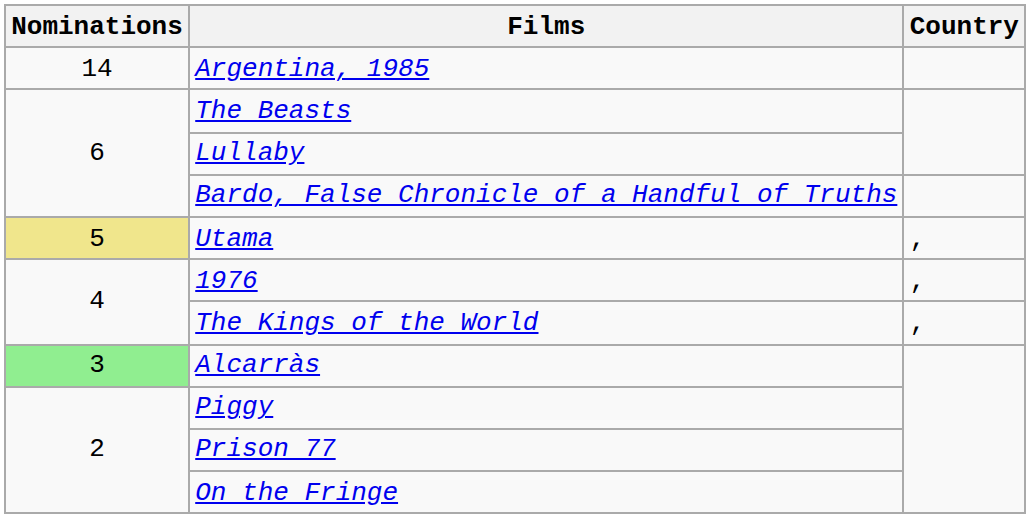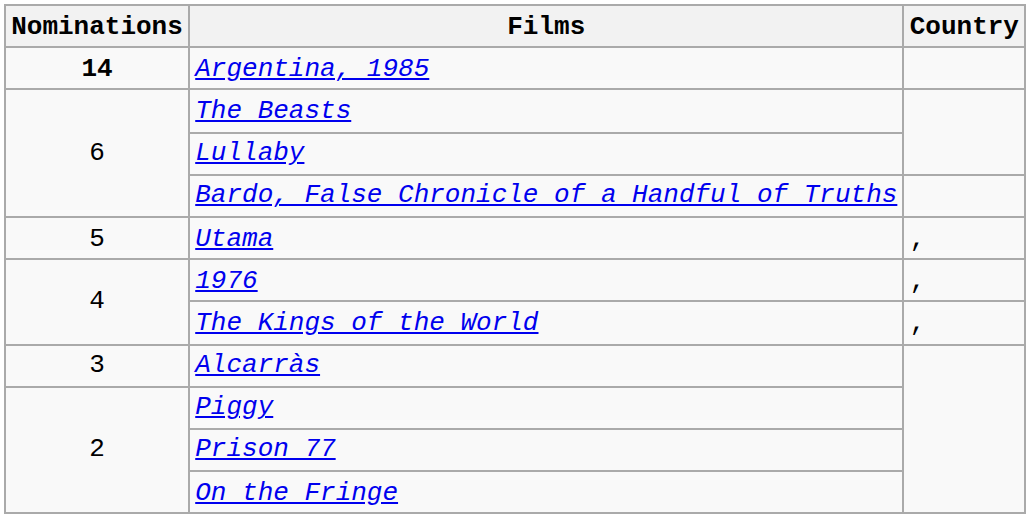 <table class="wikitable">
 <tr>
 <th>Nominations</th>
 <th>Films</th>
 <th>Country</th>
 </tr>
 <tr>
-<td style="text-align:center">14</td>
+<td style="text-align:center"><strong>14</strong></td>
 <td><em><a href='#'>Argentina, 1985</a></em></td>
 <td></td>
 </tr>
 <tr>
 <td rowspan="3" style="text-align:center">6</td>
 <td><em><a href='#'>The Beasts</a></em></td>
 <td rowspan="2"></td>
 </tr>
 <tr>
 <td><em><a href='#'>Lullaby</a></em></td>
 </tr>
 <tr>
 <td><em><a href='#'>Bardo, False Chronicle of a Handful of Truths</a></em></td>
 <td></td>
 </tr>
 <tr>
-<td style="background: khaki; text-align:center">5</td>
+<td style="text-align:center">5</td>
 <td><em><a href='#'>Utama</a></em></td>
 <td>, </td>
 </tr>
 <tr>
 <td rowspan="2" style="text-align:center">4</td>
 <td><em><a href='#'>1976</a></em></td>
 <td>, </td>
 </tr>
 <tr>
 <td><em><a href='#'>The Kings of the World</a></em></td>
 <td>, </td>
 </tr>
 <tr>
-<td style="background: lightgreen; text-align:center">3</td>
+<td style="text-align:center">3</td>
 <td><em><a href='#'>Alcarràs</a></em></td>
 <td rowspan="4"></td>
 </tr>
 <tr>
 <td rowspan="3" style="text-align:center">2</td>
 <td><em><a href='#'>Piggy</a></em></td>
 </tr>
 <tr>
 <td><em><a href='#'>Prison 77</a></em></td>
 </tr>
 <tr>
 <td><em><a href='#'>On the Fringe</a></em></td>
 </tr>
 <tr>
 </tr>
 </table>
